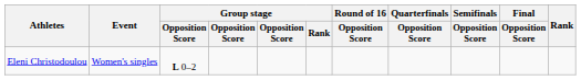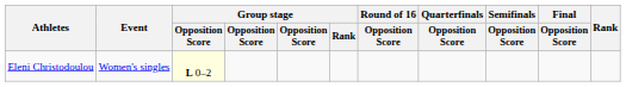 <table class="wikitable" style="font-size:90%">
 <tr>
 <th rowspan="2">Athletes</th>
 <th rowspan="2">Event</th>
 <th colspan="4">Group stage</th>
 <th>Round of 16</th>
 <th>Quarterfinals</th>
 <th>Semifinals</th>
 <th>Final</th>
 <th rowspan="2">Rank</th>
 </tr>
 <tr style="font-size:95%">
 <th>Opposition<br>Score</th>
 <th>Opposition<br>Score</th>
 <th>Opposition<br>Score</th>
 <th>Rank</th>
 <th>Opposition<br>Score</th>
 <th>Opposition<br>Score</th>
 <th>Opposition<br>Score</th>
 <th>Opposition<br>Score</th>
 </tr>
 <tr align="center">
 <td align="left"><a href='#'>Eleni Christodoulou</a></td>
 <td align="left"><a href='#'>Women's singles</a></td>
-<td><br><strong>L</strong> 0–2</td>
+<td style="background: lightyellow;"><br><strong>L</strong> 0–2</td>
 <td><br></td>
 <td><br></td>
 <td></td>
 <td></td>
 <td></td>
 <td></td>
 <td></td>
 <td></td>
 </tr>
 </table>
